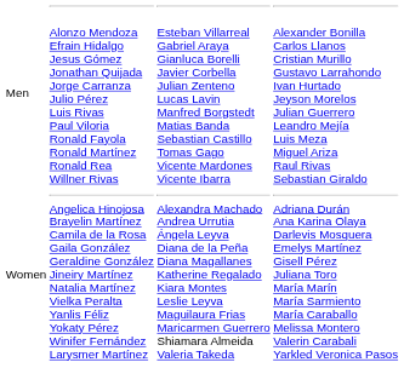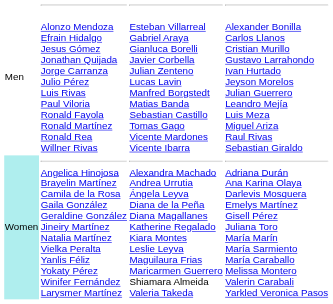 <table>
 <tr>
 <td>Men<br></td>
 <td><hr><br><a href='#'>Alonzo Mendoza</a><br><a href='#'>Efrain Hidalgo</a><br><a href='#'>Jesus Gómez</a><br><a href='#'>Jonathan Quijada</a><br><a href='#'>Jorge Carranza</a><br><a href='#'>Julio Pérez</a><br><a href='#'>Luis Rivas</a><br><a href='#'>Paul Viloria</a><br><a href='#'>Ronald Fayola</a><br><a href='#'>Ronald Martínez</a><br><a href='#'>Ronald Rea</a><br><a href='#'>Willner Rivas</a></td>
 <td><hr><br><a href='#'>Esteban Villarreal</a><br><a href='#'>Gabriel Araya</a><br><a href='#'>Gianluca Borelli</a><br><a href='#'>Javier Corbella</a><br><a href='#'>Julian Zenteno</a><br><a href='#'>Lucas Lavin</a><br><a href='#'>Manfred Borgstedt</a><br><a href='#'>Matias Banda</a><br><a href='#'>Sebastian Castillo</a><br><a href='#'>Tomas Gago</a><br><a href='#'>Vicente Mardones</a><br><a href='#'>Vicente Ibarra</a></td>
 <td><hr><br><a href='#'>Alexander Bonilla</a><br><a href='#'>Carlos Llanos</a><br><a href='#'>Cristian Murillo</a><br><a href='#'>Gustavo Larrahondo</a><br><a href='#'>Ivan Hurtado</a><br><a href='#'>Jeyson Morelos</a><br><a href='#'>Julian Guerrero</a><br><a href='#'>Leandro Mejía</a><br><a href='#'>Luis Meza</a><br><a href='#'>Miguel Ariza</a><br><a href='#'>Raul Rivas</a><br><a href='#'>Sebastian Giraldo</a></td>
 </tr>
 <tr>
-<td>Women<br></td>
+<td style="background: paleturquoise;">Women<br></td>
 <td><hr><a href='#'>Angelica Hinojosa</a><br><a href='#'>Brayelin Martínez</a><br><a href='#'>Camila de la Rosa</a><br><a href='#'>Gaila González</a><br><a href='#'>Geraldine González</a><br><a href='#'>Jineiry Martínez</a><br><a href='#'>Natalia Martínez</a><br><a href='#'>Vielka Peralta</a><br><a href='#'>Yanlis Féliz</a><br><a href='#'>Yokaty Pérez</a><br><a href='#'>Winifer Fernández</a><br><a href='#'>Larysmer Martínez</a></td>
 <td><hr><a href='#'>Alexandra Machado</a><br><a href='#'>Andrea Urrutia</a><br><a href='#'>Ángela Leyva</a><br><a href='#'>Diana de la Peña</a><br><a href='#'>Diana Magallanes</a><br><a href='#'>Katherine Regalado</a><br><a href='#'>Kiara Montes</a><br><a href='#'>Leslie Leyva</a><br><a href='#'>Maguilaura Frias</a><br><a href='#'>Maricarmen Guerrero</a><br>Shiamara Almeida<br><a href='#'>Valeria Takeda</a></td>
 <td><hr><a href='#'>Adriana Durán</a><br><a href='#'>Ana Karina Olaya</a><br><a href='#'>Darlevis Mosquera</a><br><a href='#'>Emelys Martínez</a><br><a href='#'>Gisell Pérez</a><br><a href='#'>Juliana Toro</a><br><a href='#'>María Marín</a><br><a href='#'>María Sarmiento</a><br><a href='#'>María Caraballo</a><br><a href='#'>Melissa Montero</a><br><a href='#'>Valerin Carabali</a><br><a href='#'>Yarkled Veronica Pasos</a></td>
 </tr>
 </table>
